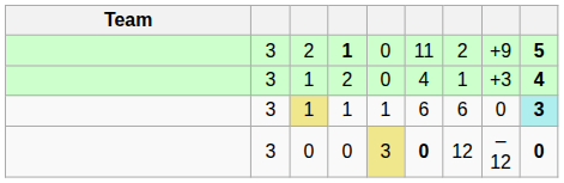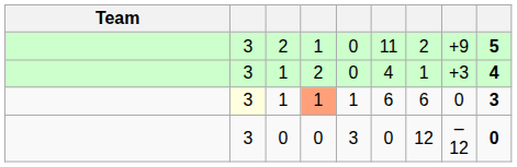 <table class="wikitable" style="text-align:center;">
 <tr>
 <th width=200>Team</th>
 <th width=25></th>
 <th width=25></th>
 <th width=25></th>
 <th width=25></th>
 <th width=25></th>
 <th width=25></th>
 <th width=25></th>
 <th width=25></th>
 </tr>
 <tr bgcolor="#ccffcc">
 <td align="left"></td>
 <td>3</td>
 <td>2</td>
-<td><strong>1</strong></td>
+<td>1</td>
 <td>0</td>
 <td>11</td>
 <td>2</td>
 <td>+9</td>
 <td><strong>5</strong></td>
 </tr>
 <tr bgcolor="#ccffcc">
 <td align="left"></td>
 <td>3</td>
 <td>1</td>
 <td>2</td>
 <td>0</td>
 <td>4</td>
 <td>1</td>
 <td>+3</td>
 <td><strong>4</strong></td>
 </tr>
 <tr>
 <td align="left"></td>
-<td>3</td>
-<td style="background: khaki;">1</td>
+<td style="background: lightyellow;">3</td>
 <td>1</td>
+<td style="background: lightsalmon;">1</td>
 <td>1</td>
 <td>6</td>
 <td>6</td>
 <td>0</td>
-<td style="background: paleturquoise;"><strong>3</strong></td>
+<td><strong>3</strong></td>
 </tr>
 <tr>
 <td align="left"></td>
 <td>3</td>
 <td>0</td>
 <td>0</td>
-<td style="background: khaki;">3</td>
-<td><strong>0</strong></td>
+<td>3</td>
+<td>0</td>
 <td>12</td>
 <td>–12</td>
 <td><strong>0</strong></td>
 </tr>
 </table>
